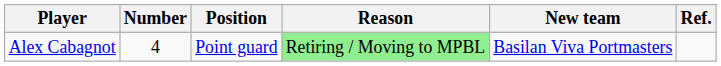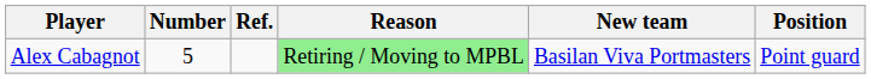 <table class="wikitable sortable sortable">
 <tr>
 <th>Player</th>
 <th>Number</th>
-<th>Position</th>
+<th>Ref.</th>
 <th>Reason</th>
 <th>New team</th>
-<th>Ref.</th>
+<th>Position</th>
 </tr>
 <tr style="text-align: center">
 <td><a href='#'>Alex Cabagnot</a></td>
-<td>4</td>
-<td><a href='#'>Point guard</a></td>
+<td>5</td>
+<td></td>
 <td style="background: lightgreen;">Retiring / Moving to MPBL</td>
 <td><a href='#'>Basilan Viva Portmasters</a> </td>
-<td></td>
+<td><a href='#'>Point guard</a></td>
 </tr>
 </table>
